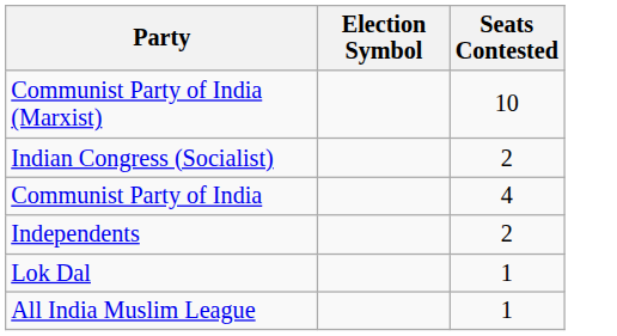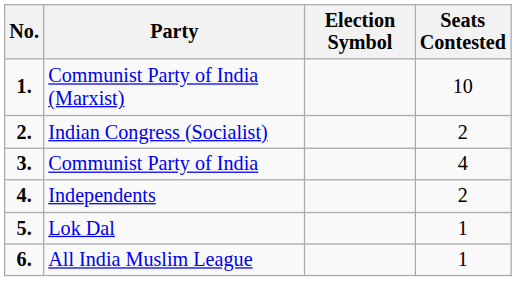 <table class="wikitable">
 <tr>
+<th scope="col" style="width:4px;">No.</th>
 <th scope="col" style="width:200px;">Party</th>
 <th scope="col" style="width:80px;">Election Symbol</th>
 <th scope="col" style="width:60px;">Seats Contested</th>
 </tr>
 <tr style="height: 45px;">
+<td style="text-align:center; background:"><strong>1.</strong></td>
 <td><a href='#'>Communist Party of India (Marxist)</a></td>
 <td></td>
 <td style="text-align:center;">10</td>
 </tr>
 <tr>
+<td style="text-align:center; background:"><strong>2.</strong></td>
 <td><a href='#'>Indian Congress (Socialist)</a></td>
 <td style="text-align:center;"></td>
 <td style="text-align:center;">2</td>
 </tr>
 <tr style="height: 4px;">
+<td style="text-align:center; background:"><strong>3.</strong></td>
 <td><a href='#'>Communist Party of India</a></td>
 <td></td>
 <td style="text-align:center;">4</td>
 </tr>
 <tr>
+<td style="text-align:center; background:"><strong>4.</strong></td>
 <td><a href='#'>Independents</a></td>
 <td style="text-align:center;"></td>
 <td style="text-align:center;">2</td>
 </tr>
 <tr>
+<td style="text-align:center; background:"><strong>5.</strong></td>
 <td><a href='#'>Lok Dal</a></td>
 <td style="text-align:center;"></td>
 <td style="text-align:center;">1</td>
 </tr>
 <tr>
+<td style="text-align:center; background:"><strong>6.</strong></td>
 <td><a href='#'>All India Muslim League</a></td>
 <td style="text-align:center;"></td>
 <td style="text-align:center;">1</td>
 </tr>
 </table>
